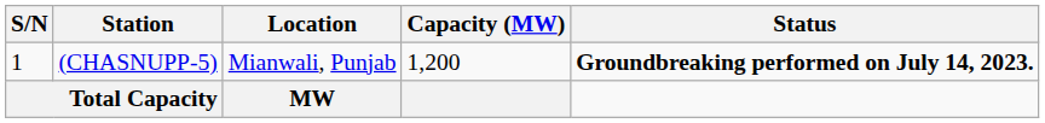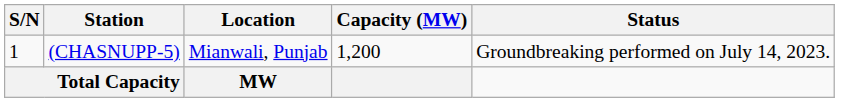 <table class="wikitable sortable">
 <tr>
 <th>S/N</th>
 <th>Station</th>
 <th>Location</th>
 <th>Capacity (<a href='#'>MW</a>)</th>
 <th>Status</th>
 </tr>
 <tr>
 <td>1</td>
 <td><a href='#'>(CHASNUPP-5)</a></td>
 <td><a href='#'>Mianwali</a>, <a href='#'>Punjab</a></td>
 <td>1,200</td>
-<td><strong>Groundbreaking performed on July 14, 2023.</strong></td>
+<td>Groundbreaking performed on July 14, 2023.</td>
 </tr>
 <tr>
 <th colspan="2" style="text-align:right;"><strong>Total Capacity</strong></th>
 <th colspan="1" style="text-align:center;"><strong> MW</strong></th>
 <th colspan="1"></th>
 </tr>
 </table>
